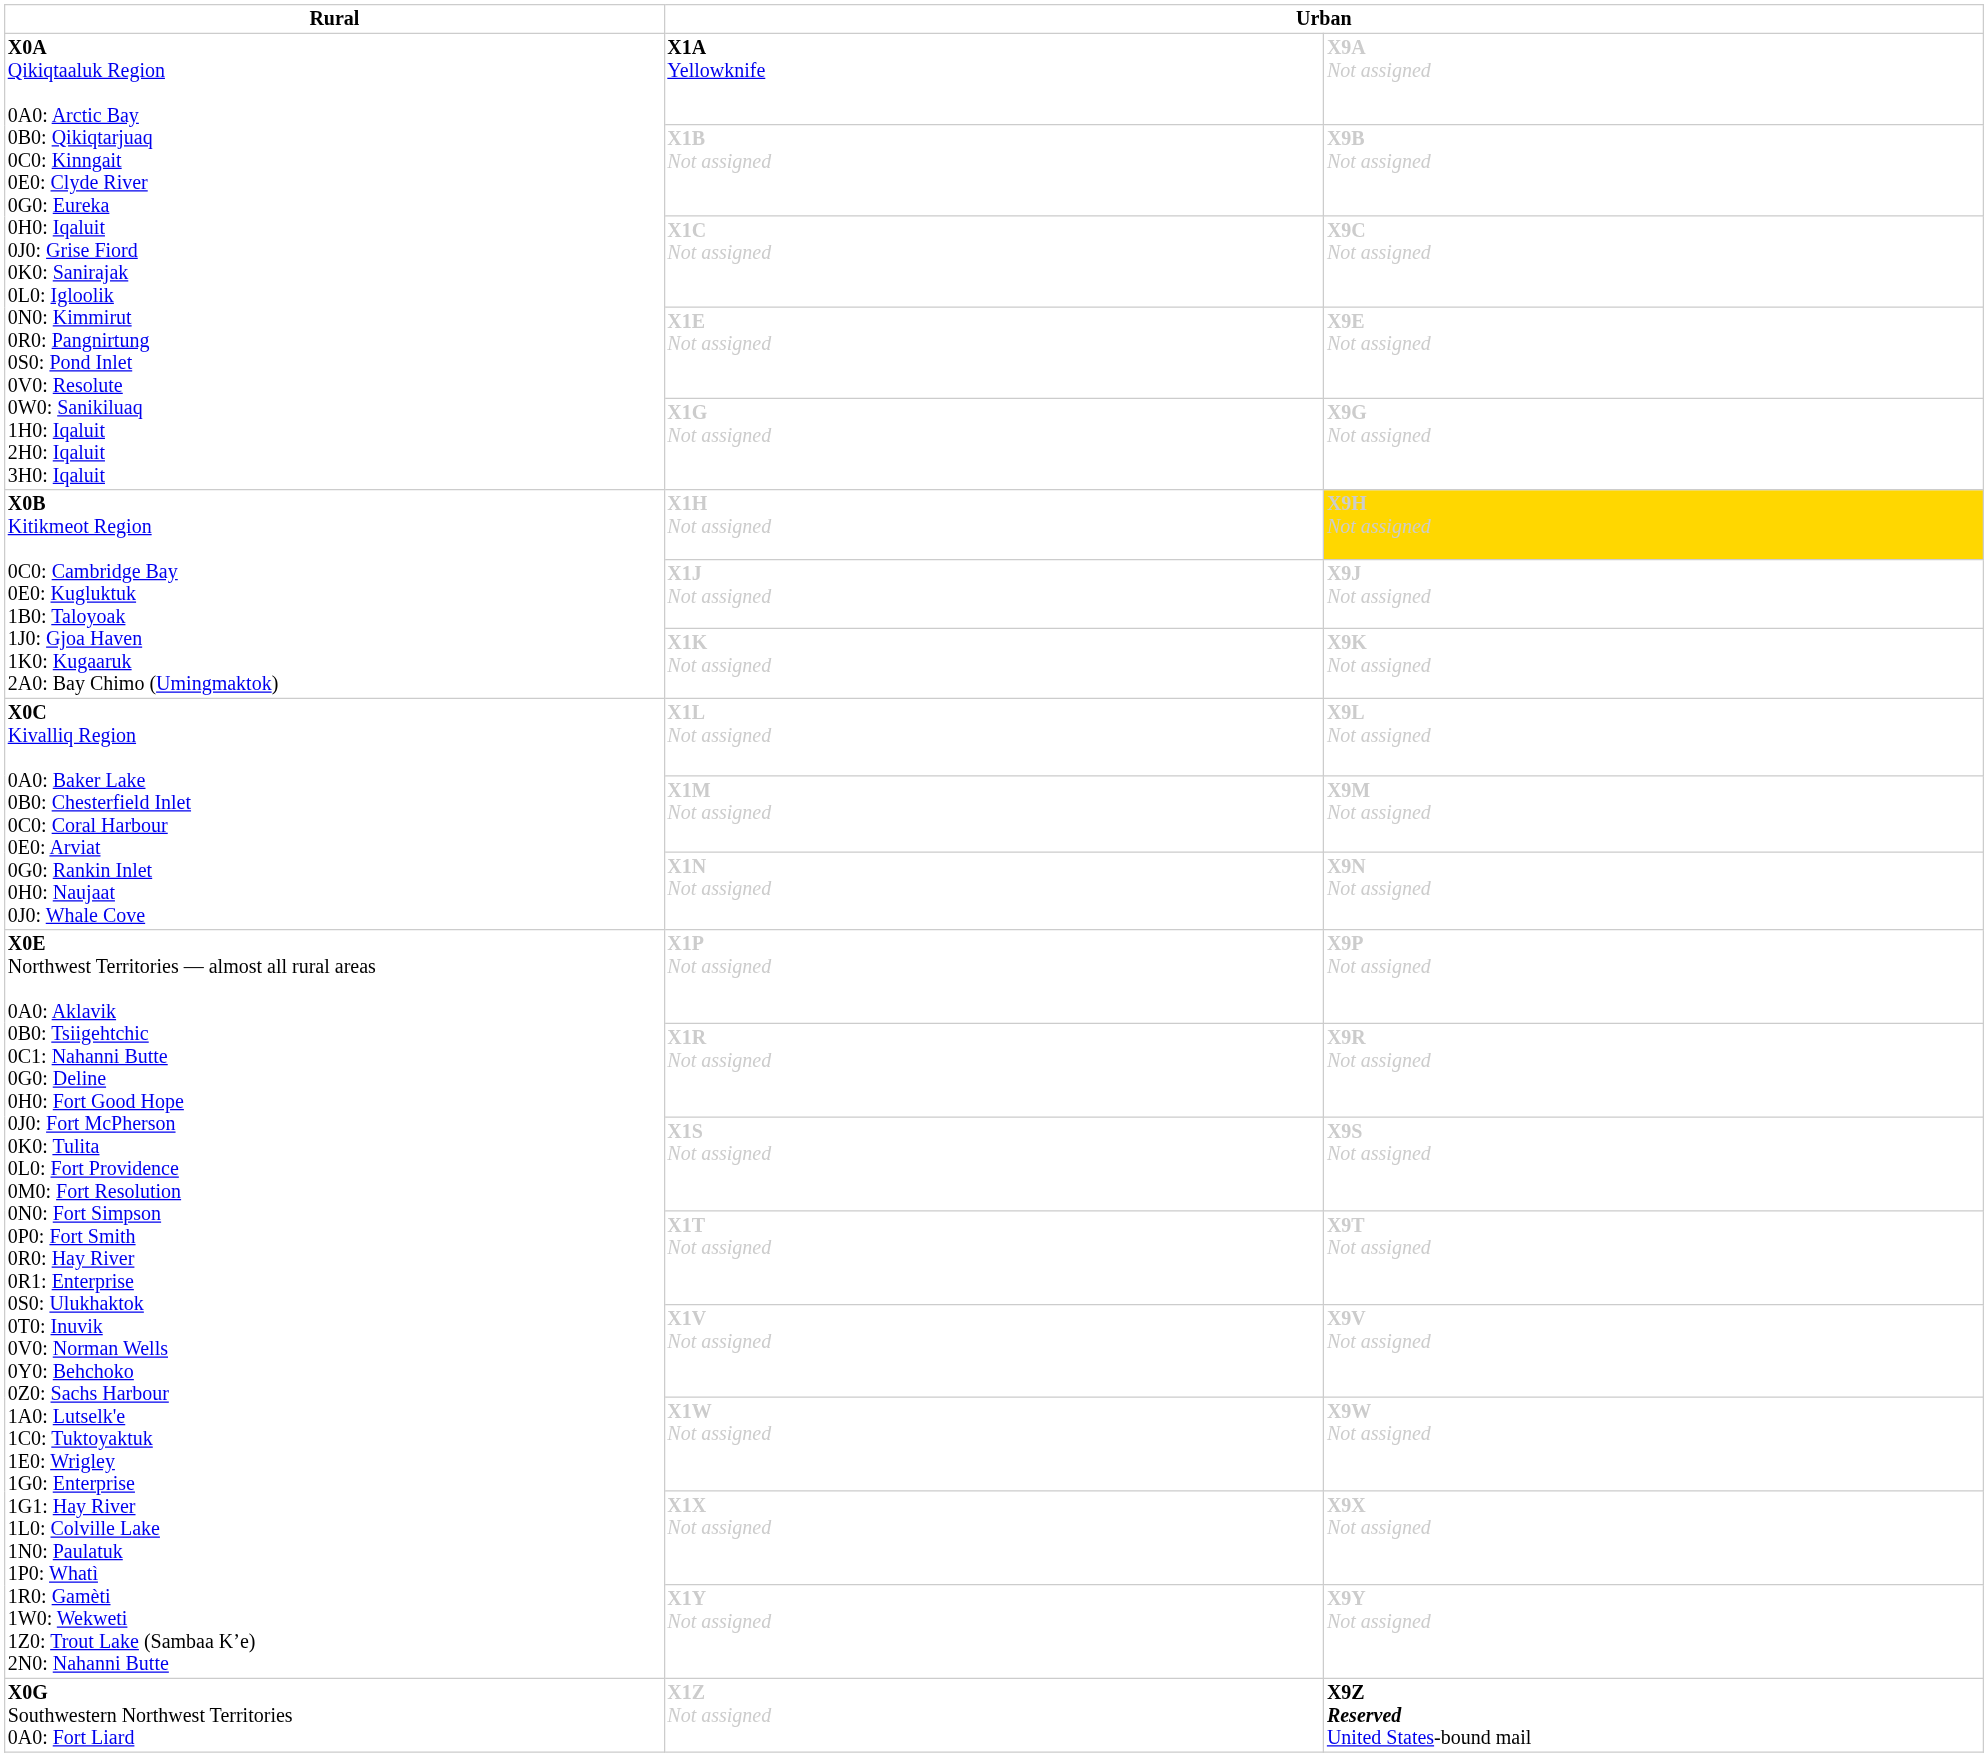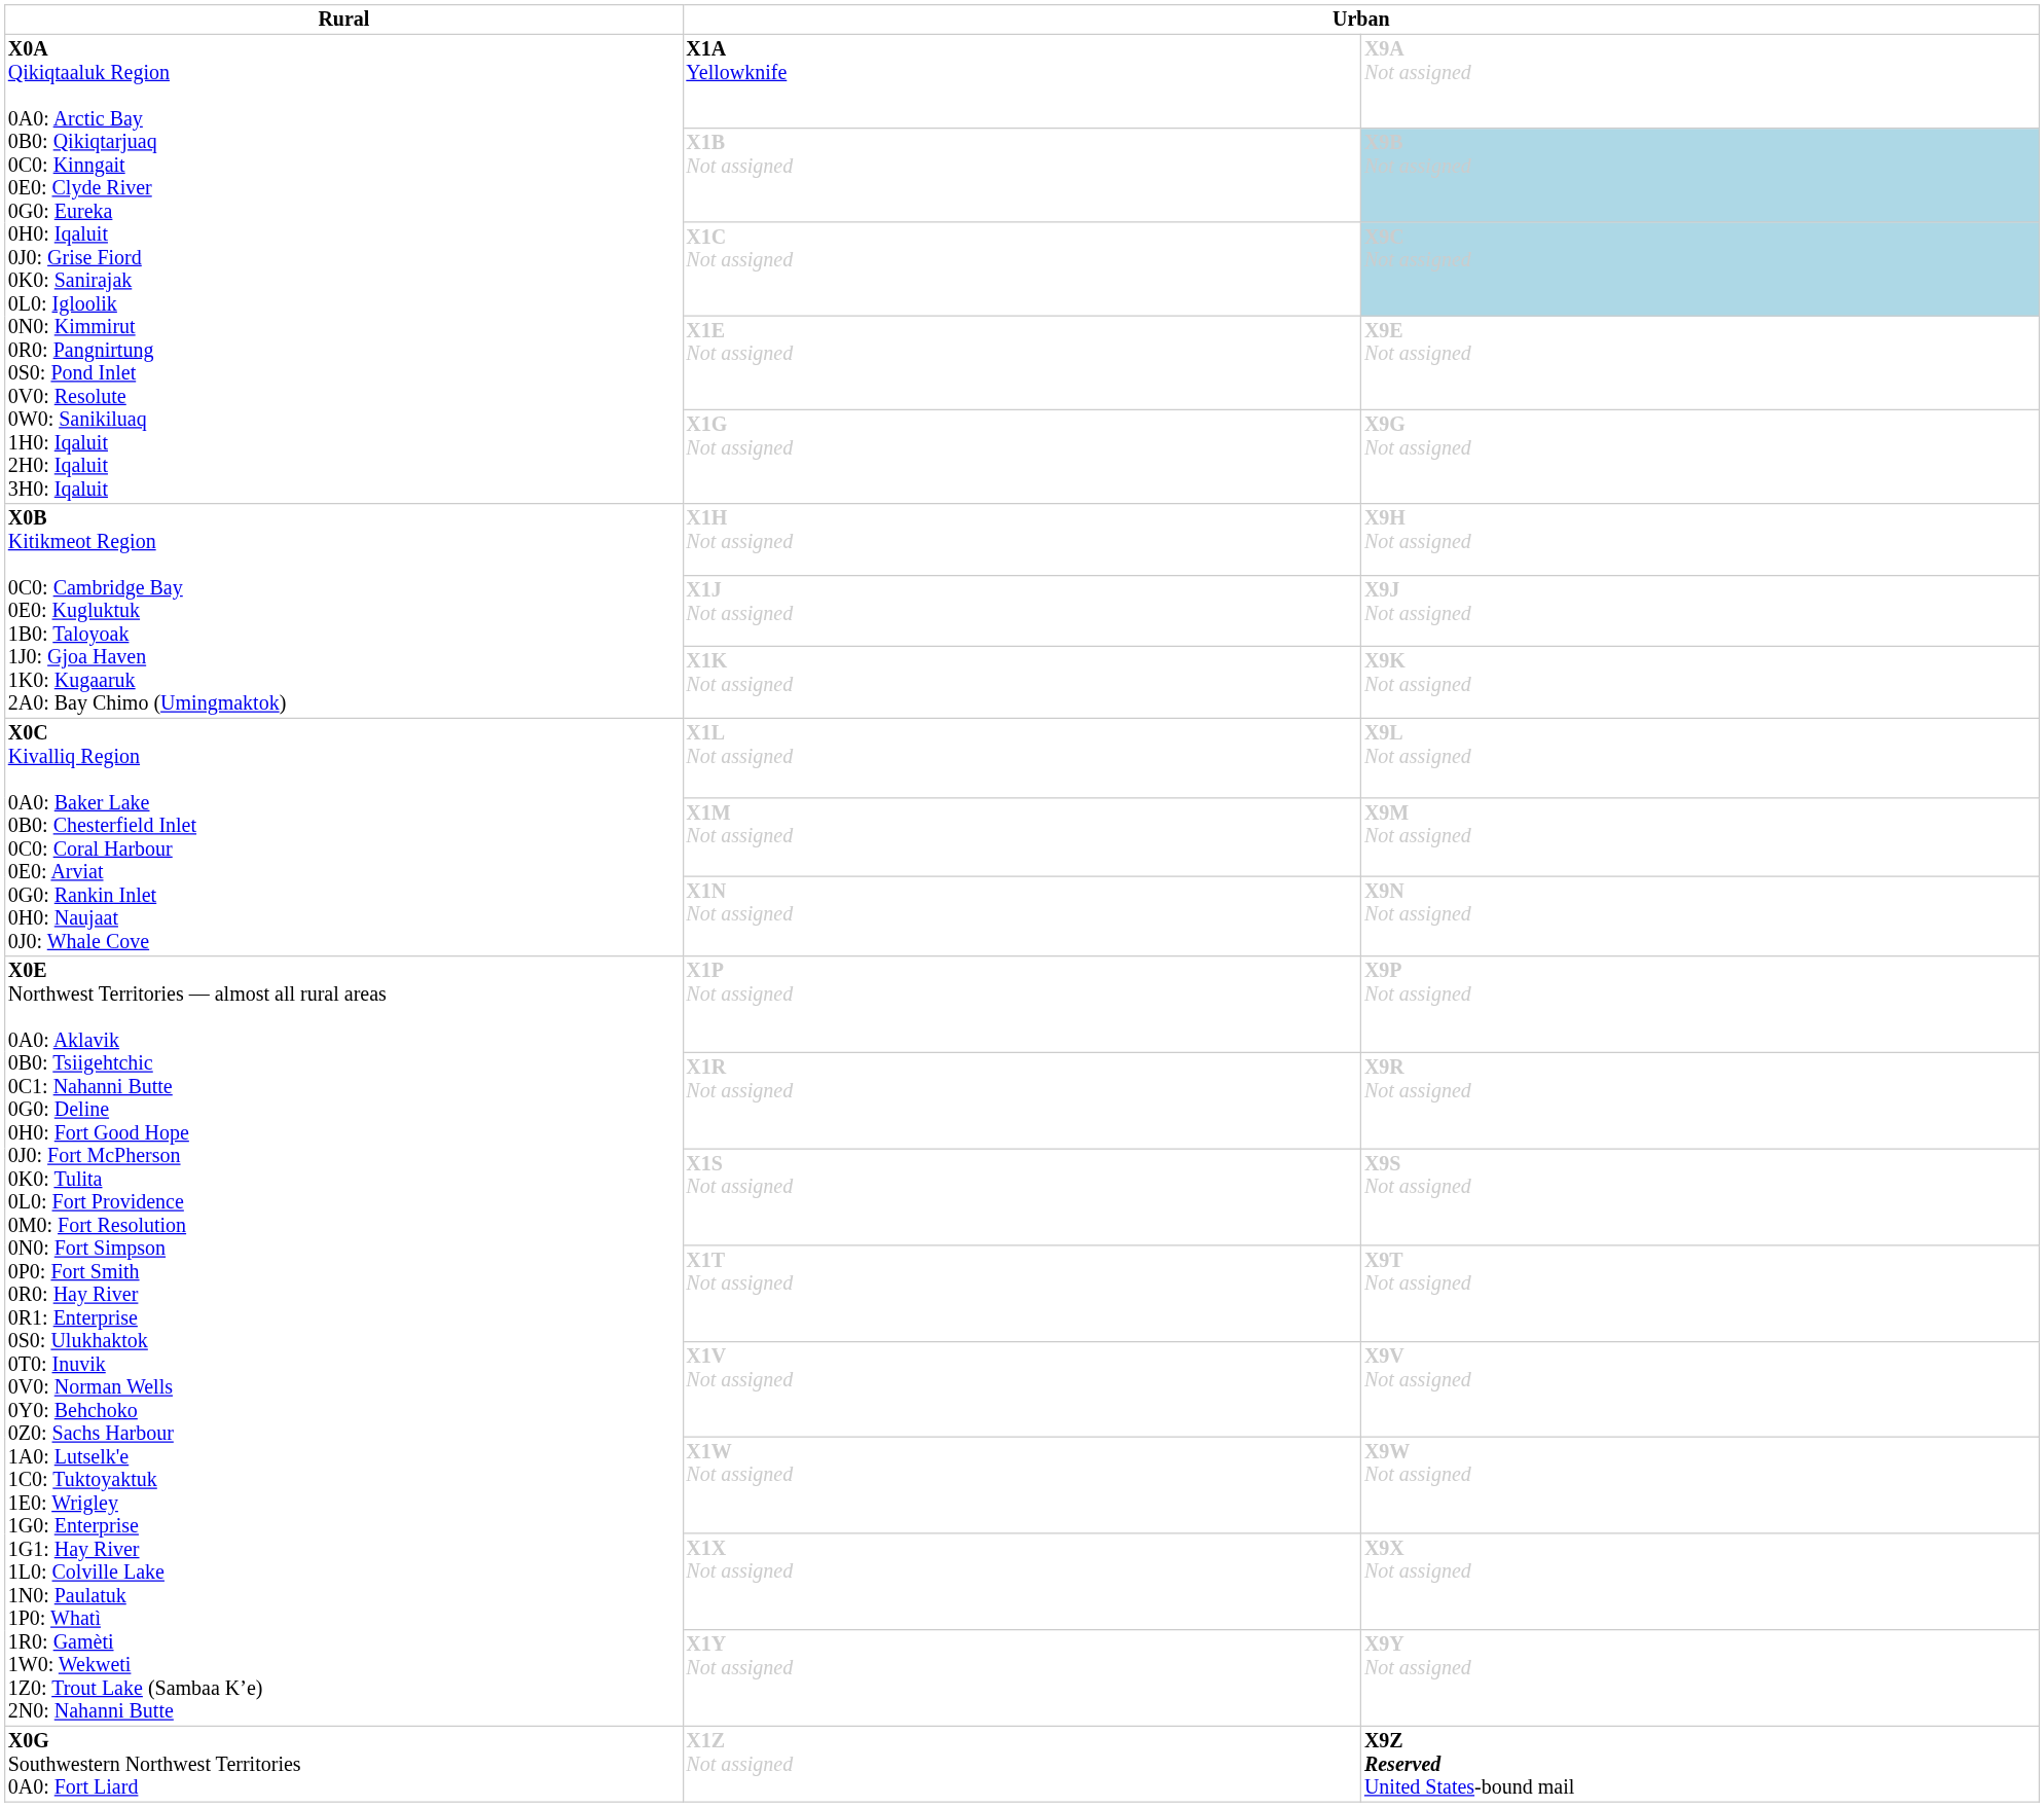 <table width=100% rules="all" width=100% cellspacing=0 cellpadding=2 style="border-collapse: collapse; border: 1px solid #ccc;">
 <tr>
 <th>Rural</th>
 <th colspan=2>Urban</th>
 </tr>
 <tr>
 <td rowspan=5 width=33% valign=top><span><strong>X0A</strong><br><a href='#'>Qikiqtaaluk Region</a></span><br><div><br>0A0: <a href='#'>Arctic Bay</a><br> 0B0: <a href='#'>Qikiqtarjuaq</a><br> 0C0: <a href='#'>Kinngait</a><br> 0E0: <a href='#'>Clyde River</a><br> 0G0: <a href='#'>Eureka</a><br> 0H0: <a href='#'>Iqaluit</a><br> 0J0: <a href='#'>Grise Fiord</a><br> 0K0: <a href='#'>Sanirajak</a><br> 0L0: <a href='#'>Igloolik</a><br> 0N0: <a href='#'>Kimmirut</a><br> 0R0: <a href='#'>Pangnirtung</a><br> 0S0: <a href='#'>Pond Inlet</a><br> 0V0: <a href='#'>Resolute</a><br> 0W0: <a href='#'>Sanikiluaq</a><br> 1H0: <a href='#'>Iqaluit</a><br> 2H0: <a href='#'>Iqaluit</a><br> 3H0: <a href='#'>Iqaluit</a> </div></td>
 <td width=33% valign=top><span><strong>X1A</strong><br><a href='#'>Yellowknife</a></span></td>
 <td width=33% valign=top style="color: #CCC;"><span><strong>X9A</strong><br><em>Not assigned</em></span></td>
 </tr>
 <tr>
 <td width=33% valign=top style="color: #CCC;"><span><strong>X1B</strong><br><em>Not assigned</em></span></td>
-<td width=33% valign=top style="color: #CCC;"><span><strong>X9B</strong><br><em>Not assigned</em></span></td>
+<td width=33% valign=top style="background: lightblue; color: #CCC;"><span><strong>X9B</strong><br><em>Not assigned</em></span></td>
 </tr>
 <tr>
 <td width=33% valign=top style="color: #CCC;"><span><strong>X1C</strong><br><em>Not assigned</em></span></td>
-<td width=33% valign=top style="color: #CCC;"><span><strong>X9C</strong><br><em>Not assigned</em></span></td>
+<td width=33% valign=top style="background: lightblue; color: #CCC;"><span><strong>X9C</strong><br><em>Not assigned</em></span></td>
 </tr>
 <tr>
 <td width=33% valign=top style="color: #CCC;"><span><strong>X1E</strong><br><em>Not assigned</em></span></td>
 <td width=33% valign=top style="color: #CCC;"><span><strong>X9E</strong><br><em>Not assigned</em></span></td>
 </tr>
 <tr>
 <td width=33% valign=top style="color: #CCC;"><span><strong>X1G</strong><br><em>Not assigned</em></span></td>
 <td width=33% valign=top style="color: #CCC;"><span><strong>X9G</strong><br><em>Not assigned</em></span></td>
 </tr>
 <tr>
 <td rowspan=3 width=33% valign=top><span><strong>X0B</strong><br><a href='#'>Kitikmeot Region</a></span><br><div><br>0C0: <a href='#'>Cambridge Bay</a><br> 0E0: <a href='#'>Kugluktuk</a><br> 1B0: <a href='#'>Taloyoak</a><br> 1J0: <a href='#'>Gjoa Haven</a><br> 1K0: <a href='#'>Kugaaruk</a><br> 2A0: Bay Chimo (<a href='#'>Umingmaktok</a>) </div></td>
 <td width=33% valign=top style="color: #CCC;"><span><strong>X1H</strong><br><em>Not assigned</em></span></td>
-<td width=33% valign=top style="background: gold; color: #CCC;"><span><strong>X9H</strong><br><em>Not assigned</em></span></td>
+<td width=33% valign=top style="color: #CCC;"><span><strong>X9H</strong><br><em>Not assigned</em></span></td>
 </tr>
 <tr>
 <td width=33% valign=top style="color: #CCC;"><span><strong>X1J</strong><br><em>Not assigned</em></span></td>
 <td width=33% valign=top style="color: #CCC;"><span><strong>X9J</strong><br><em>Not assigned</em></span></td>
 </tr>
 <tr>
 <td width=33% valign=top style="color: #CCC;"><span><strong>X1K</strong><br><em>Not assigned</em></span></td>
 <td width=33% valign=top style="color: #CCC;"><span><strong>X9K</strong><br><em>Not assigned</em></span></td>
 </tr>
 <tr>
 <td rowspan=3 width=33% valign=top><span><strong>X0C</strong><br><a href='#'>Kivalliq Region</a></span><br><div><br>0A0: <a href='#'>Baker Lake</a><br> 0B0: <a href='#'>Chesterfield Inlet</a><br> 0C0: <a href='#'>Coral Harbour</a><br> 0E0: <a href='#'>Arviat</a><br> 0G0: <a href='#'>Rankin Inlet</a><br> 0H0: <a href='#'>Naujaat</a><br> 0J0: <a href='#'>Whale Cove</a> </div></td>
 <td width=33% valign=top style="color: #CCC;"><span><strong>X1L</strong><br><em>Not assigned</em></span></td>
 <td width=33% valign=top style="color: #CCC;"><span><strong>X9L</strong><br><em>Not assigned</em></span></td>
 </tr>
 <tr>
 <td width=33% valign=top style="color: #CCC;"><span><strong>X1M</strong><br><em>Not assigned</em></span></td>
 <td width=33% valign=top style="color: #CCC;"><span><strong>X9M</strong><br><em>Not assigned</em></span></td>
 </tr>
 <tr>
 <td width=33% valign=top style="color: #CCC;"><span><strong>X1N</strong><br><em>Not assigned</em></span></td>
 <td width=33% valign=top style="color: #CCC;"><span><strong>X9N</strong><br><em>Not assigned</em></span></td>
 </tr>
 <tr>
 <td rowspan=8 width=33% valign=top><span><strong>X0E</strong><br>Northwest Territories — almost all rural areas</span><br><div><br>0A0: <a href='#'>Aklavik</a><br> 0B0: <a href='#'>Tsiigehtchic</a><br> 0C1: <a href='#'>Nahanni Butte</a><br> 0G0: <a href='#'>Deline</a><br> 0H0: <a href='#'>Fort Good Hope</a><br> 0J0: <a href='#'>Fort McPherson</a><br> 0K0: <a href='#'>Tulita</a><br> 0L0: <a href='#'>Fort Providence</a><br> 0M0: <a href='#'>Fort Resolution</a><br> 0N0: <a href='#'>Fort Simpson</a><br> 0P0: <a href='#'>Fort Smith</a><br> 0R0: <a href='#'>Hay River</a><br> 0R1: <a href='#'>Enterprise</a><br> 0S0: <a href='#'>Ulukhaktok</a><br> 0T0: <a href='#'>Inuvik</a><br> 0V0: <a href='#'>Norman Wells</a><br> 0Y0: <a href='#'>Behchoko</a><br> 0Z0: <a href='#'>Sachs Harbour</a><br> 1A0: <a href='#'>Lutselk'e</a><br> 1C0: <a href='#'>Tuktoyaktuk</a><br> 1E0: <a href='#'>Wrigley</a><br> 1G0: <a href='#'>Enterprise</a><br> 1G1: <a href='#'>Hay River</a><br> 1L0: <a href='#'>Colville Lake</a><br> 1N0: <a href='#'>Paulatuk</a><br> 1P0: <a href='#'>Whatì</a><br> 1R0: <a href='#'>Gamèti</a><br> 1W0: <a href='#'>Wekweti</a><br> 1Z0: <a href='#'>Trout Lake</a> (Sambaa Kʼe)<br> 2N0: <a href='#'>Nahanni Butte</a><br> </div></td>
 <td width=33% valign=top style="color: #CCC;"><span><strong>X1P</strong><br><em>Not assigned</em></span></td>
 <td width=33% valign=top style="color: #CCC;"><span><strong>X9P</strong><br><em>Not assigned</em></span></td>
 </tr>
 <tr>
 <td width=33% valign=top style="color: #CCC;"><span><strong>X1R</strong><br><em>Not assigned</em></span></td>
 <td width=33% valign=top style="color: #CCC;"><span><strong>X9R</strong><br><em>Not assigned</em></span></td>
 </tr>
 <tr>
 <td width=33% valign=top style="color: #CCC;"><span><strong>X1S</strong><br><em>Not assigned</em></span></td>
 <td width=33% valign=top style="color: #CCC;"><span><strong>X9S</strong><br><em>Not assigned</em></span></td>
 </tr>
 <tr>
 <td width=33% valign=top style="color: #CCC;"><span><strong>X1T</strong><br><em>Not assigned</em></span></td>
 <td width=33% valign=top style="color: #CCC;"><span><strong>X9T</strong><br><em>Not assigned</em></span></td>
 </tr>
 <tr>
 <td width=33% valign=top style="color: #CCC;"><span><strong>X1V</strong><br><em>Not assigned</em></span></td>
 <td width=33% valign=top style="color: #CCC;"><span><strong>X9V</strong><br><em>Not assigned</em></span></td>
 </tr>
 <tr>
 <td width=33% valign=top style="color: #CCC;"><span><strong>X1W</strong><br><em>Not assigned</em></span></td>
 <td width=33% valign=top style="color: #CCC;"><span><strong>X9W</strong><br><em>Not assigned</em></span></td>
 </tr>
 <tr>
 <td width=33% valign=top style="color: #CCC;"><span><strong>X1X</strong><br><em>Not assigned</em></span></td>
 <td width=33% valign=top style="color: #CCC;"><span><strong>X9X</strong><br><em>Not assigned</em></span></td>
 </tr>
 <tr>
 <td width=33% valign=top style="color: #CCC;"><span><strong>X1Y</strong><br><em>Not assigned</em></span></td>
 <td width=33% valign=top style="color: #CCC;"><span><strong>X9Y</strong><br><em>Not assigned</em></span></td>
 </tr>
 <tr>
 <td width=33% valign=top><span><strong>X0G</strong><br>Southwestern Northwest Territories</span><br><span>0A0: <a href='#'>Fort Liard</a></span></td>
 <td width=33% valign=top style="color: #CCC;"><span><strong>X1Z</strong><br><em>Not assigned</em></span></td>
 <td width=33% valign=top><span><strong>X9Z</strong><br><strong><em>Reserved</em></strong><br><a href='#'>United States</a>-bound mail</span></td>
 </tr>
 </table>
